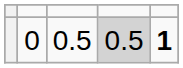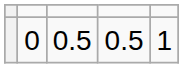 <table class="wikitable">
 <tr>
 <th></th>
 <td></td>
 <td></td>
 <td></td>
 <td></td>
 </tr>
 <tr>
 <th></th>
 <td>0</td>
 <td>0.5</td>
-<td style="background: lightgrey;">0.5</td>
-<td><strong>1</strong></td>
+<td>0.5</td>
+<td>1</td>
 </tr>
 </table>
